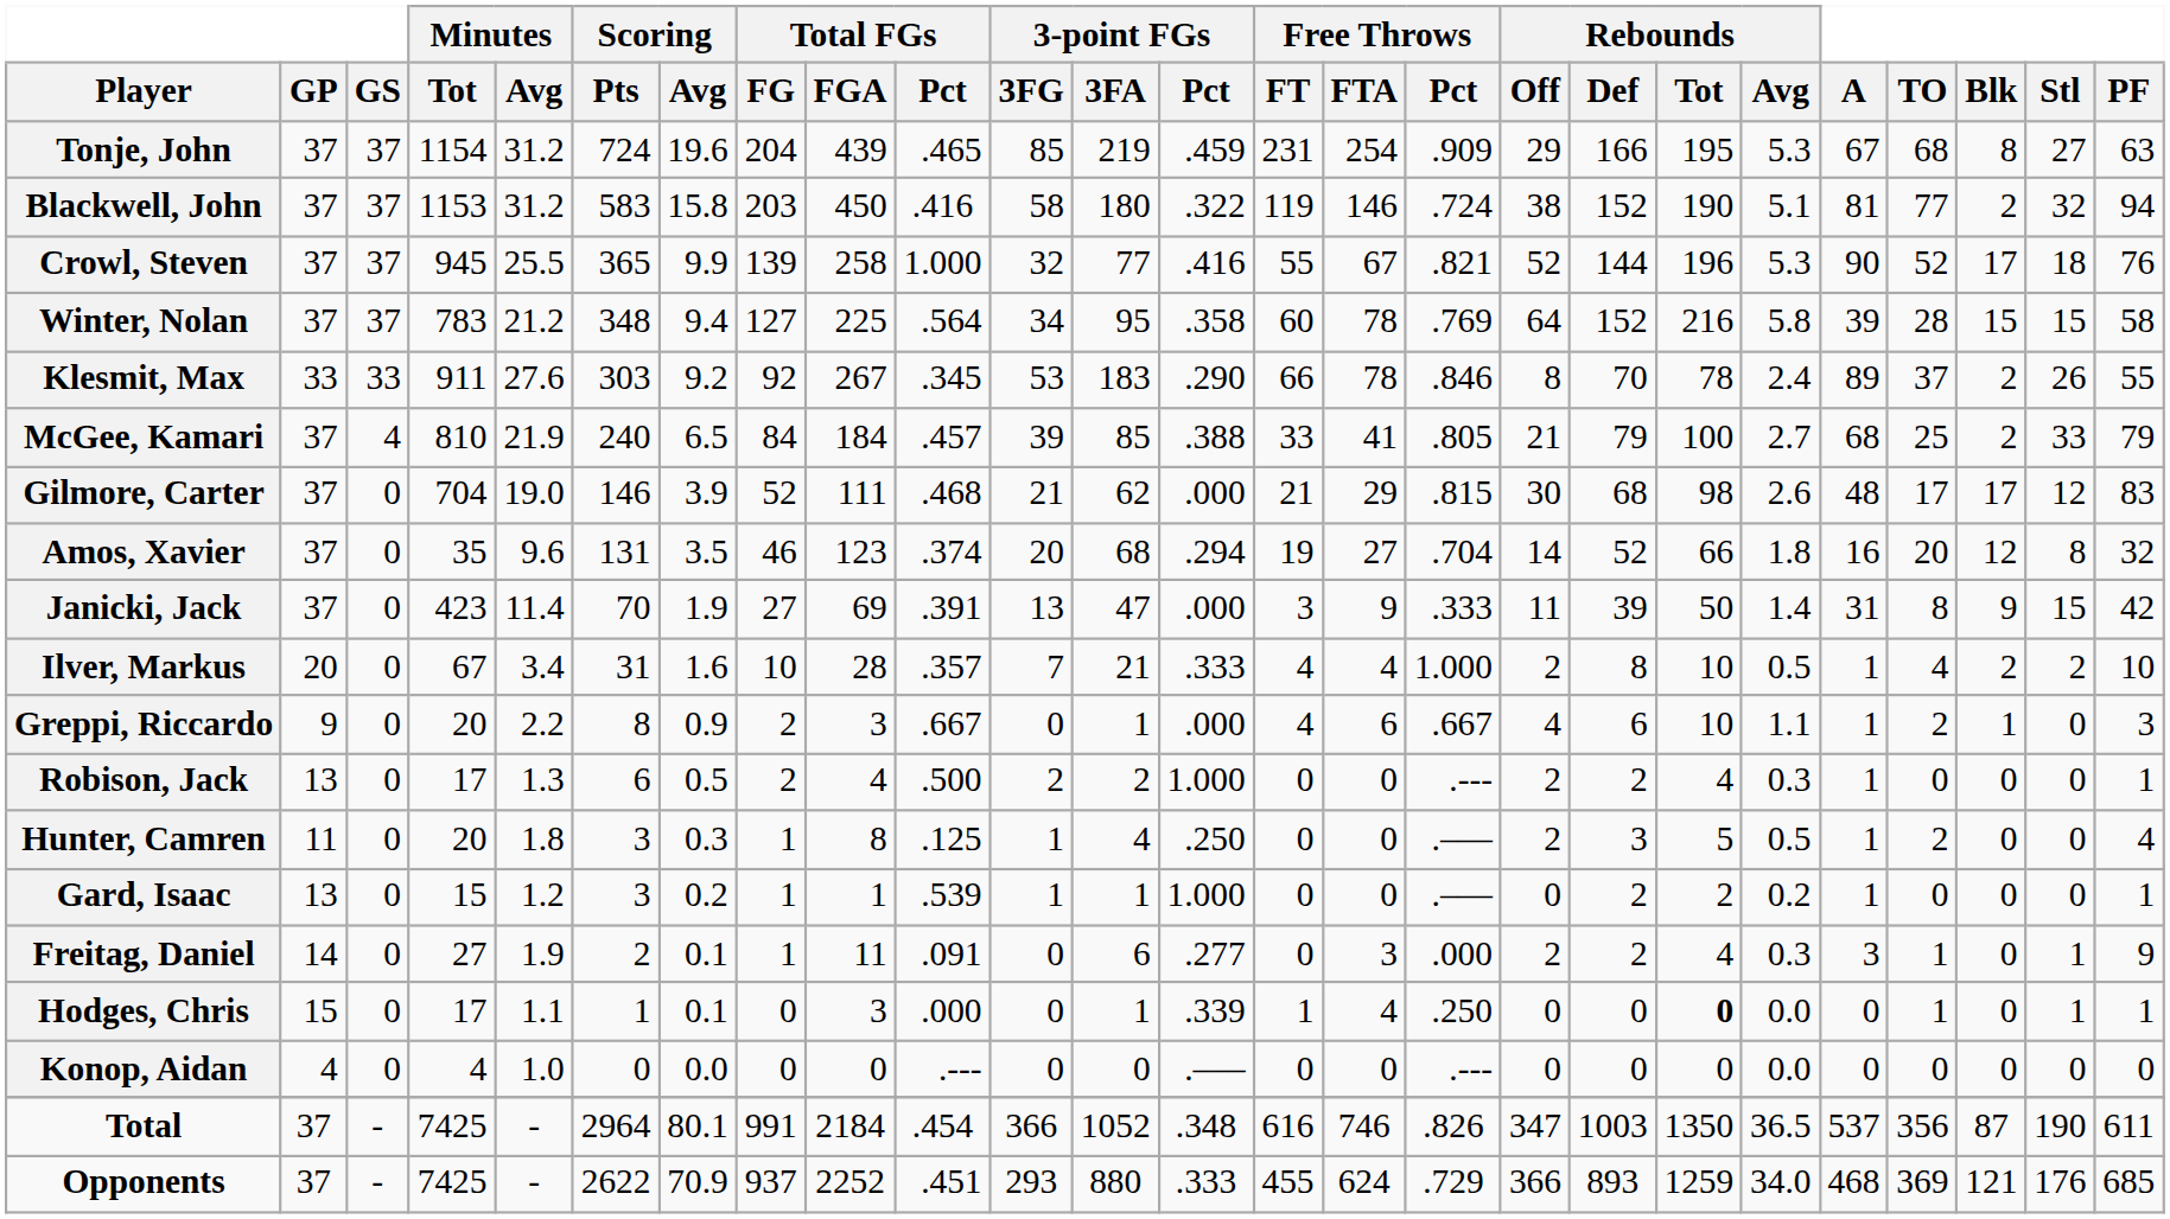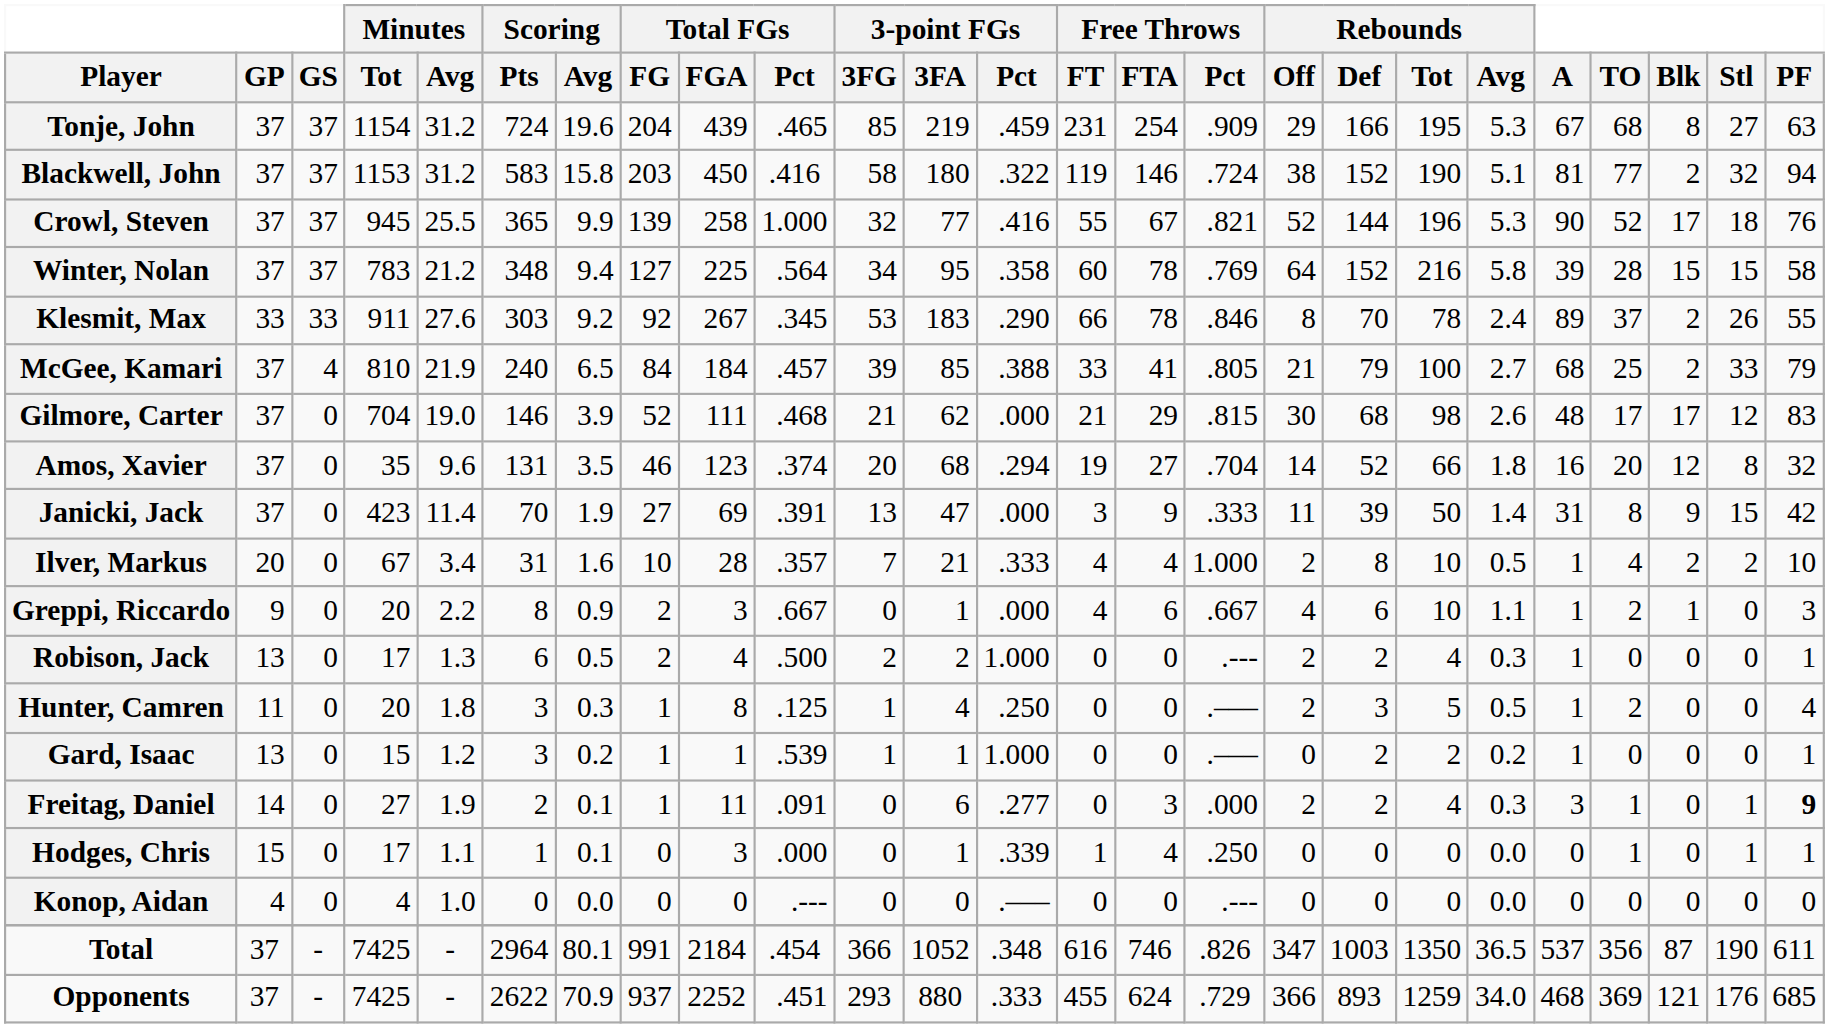 <table class="wikitable sortable" border="1" style="font-size:85%;">
 <tr>
 <th colspan="3" style="border-top-style:hidden; border-left-style:hidden; background: white;"></th>
 <th colspan="2" style=>Minutes</th>
 <th colspan="2" style=>Scoring</th>
 <th colspan="3" style=>Total FGs</th>
 <th colspan="3" style=>3-point FGs</th>
 <th colspan="3" style=>Free Throws</th>
 <th colspan="4" style=>Rebounds</th>
 <th colspan="5" style="border-top-style:hidden; border-right-style:hidden; background: white;"></th>
 </tr>
 <tr>
 <th scope="col" style=>Player</th>
 <th scope="col" style=>GP</th>
 <th scope="col" style=>GS</th>
 <th scope="col" style=>Tot</th>
 <th scope="col" style=>Avg</th>
 <th scope="col" style=>Pts</th>
 <th scope="col" style=>Avg</th>
 <th scope="col" style=>FG</th>
 <th scope="col" style=>FGA</th>
 <th scope="col" style=>Pct</th>
 <th scope="col" style=>3FG</th>
 <th scope="col" style=>3FA</th>
 <th scope="col" style=>Pct</th>
 <th scope="col" style=>FT</th>
 <th scope="col" style=>FTA</th>
 <th scope="col" style=>Pct</th>
 <th scope="col" style=>Off</th>
 <th scope="col" style=>Def</th>
 <th scope="col" style=>Tot</th>
 <th scope="col" style=>Avg</th>
 <th scope="col" style=>A</th>
 <th scope="col" style=>TO</th>
 <th scope="col" style=>Blk</th>
 <th scope="col" style=>Stl</th>
 <th scope="col" style=>PF</th>
 </tr>
 <tr>
 <th style=white-space:nowrap>Tonje, John</th>
 <td align="right" style=>37</td>
 <td align="right" style=>37</td>
 <td align="right" style=>1154</td>
 <td align="right" style=>31.2</td>
 <td align="right" style=>724</td>
 <td align="right" style=>19.6</td>
 <td align="right" style=>204</td>
 <td align="right">439</td>
 <td align="right">.465</td>
 <td align="right" style=>85</td>
 <td align="right" style=>219</td>
 <td align="right" style=>.459</td>
 <td align="right" style=>231</td>
 <td align="right" style=>254</td>
 <td align="right" style=>.909</td>
 <td align="right">29</td>
 <td align="right" style=>166</td>
 <td align="right">195</td>
 <td align="right">5.3</td>
 <td align="right">67</td>
 <td align="right">68</td>
 <td align="right">8</td>
 <td align="right">27</td>
 <td align="right">63</td>
 </tr>
 <tr>
 <th style=white-space:nowrap>Blackwell, John</th>
 <td align="right" style=>37</td>
 <td align="right" style=>37</td>
 <td align="right">1153</td>
 <td align="right" style=>31.2</td>
 <td align="right">583</td>
 <td align="right">15.8</td>
 <td align="right">203</td>
 <td align="right" style=>450</td>
 <td align="center">.416</td>
 <td align="right">58</td>
 <td align="right">180</td>
 <td align="right">.322</td>
 <td align="right">119</td>
 <td align="right">146</td>
 <td align="right">.724</td>
 <td align="right">38</td>
 <td align="right">152</td>
 <td align="right">190</td>
 <td align="right">5.1</td>
 <td align="right">81</td>
 <td align="right" style=>77</td>
 <td align="right">2</td>
 <td align="right">32</td>
 <td align="right" style=>94</td>
 </tr>
 <tr>
 <th style=white-space:nowrap>Crowl, Steven</th>
 <td align="right" style=>37</td>
 <td align="right" style=>37</td>
 <td align="right">945</td>
 <td align="right">25.5</td>
 <td align="right">365</td>
 <td align="right">9.9</td>
 <td align="right">139</td>
 <td align="right">258</td>
 <td align="right">1.000</td>
 <td align="right">32</td>
 <td align="right">77</td>
 <td align="right">.416</td>
 <td align="right">55</td>
 <td align="right">67</td>
 <td align="right">.821</td>
 <td align="right">52</td>
 <td align="right">144</td>
 <td align="right">196</td>
 <td align="right">5.3</td>
 <td align="right" style=>90</td>
 <td align="right">52</td>
 <td align="right" style=>17</td>
 <td align="right">18</td>
 <td align="right">76</td>
 </tr>
 <tr>
 <th style=white-space:nowrap>Winter, Nolan</th>
 <td align="right" style=>37</td>
 <td align="right" style=>37</td>
 <td align="right">783</td>
 <td align="right">21.2</td>
 <td align="right">348</td>
 <td align="right">9.4</td>
 <td align="right">127</td>
 <td align="right">225</td>
 <td align="right" style=>.564</td>
 <td align="right">34</td>
 <td align="right">95</td>
 <td align="right">.358</td>
 <td align="right">60</td>
 <td align="right">78</td>
 <td align="right">.769</td>
 <td align="right" style=>64</td>
 <td align="right">152</td>
 <td align="right" style=>216</td>
 <td align="right" style=>5.8</td>
 <td align="right">39</td>
 <td align="right">28</td>
 <td align="right">15</td>
 <td align="right">15</td>
 <td align="right">58</td>
 </tr>
 <tr>
 <th style=white-space:nowrap>Klesmit, Max</th>
 <td align="right">33</td>
 <td align="right">33</td>
 <td align="right">911</td>
 <td align="right">27.6</td>
 <td align="right">303</td>
 <td align="right">9.2</td>
 <td align="right">92</td>
 <td align="right">267</td>
 <td align="right">.345</td>
 <td align="right">53</td>
 <td align="right">183</td>
 <td align="right">.290</td>
 <td align="right">66</td>
 <td align="right">78</td>
 <td align="right">.846</td>
 <td align="right">8</td>
 <td align="right">70</td>
 <td align="right">78</td>
 <td align="right">2.4</td>
 <td align="right">89</td>
 <td align="right">37</td>
 <td align="right">2</td>
 <td align="right">26</td>
 <td align="right">55</td>
 </tr>
 <tr>
 <th style=white-space:nowrap>McGee, Kamari</th>
 <td align="right" style=>37</td>
 <td align="right">4</td>
 <td align="right">810</td>
 <td align="right">21.9</td>
 <td align="right">240</td>
 <td align="right">6.5</td>
 <td align="right">84</td>
 <td align="right">184</td>
 <td align="right">.457</td>
 <td align="right">39</td>
 <td align="right">85</td>
 <td align="right">.388</td>
 <td align="right">33</td>
 <td align="right">41</td>
 <td align="right">.805</td>
 <td align="right">21</td>
 <td align="right">79</td>
 <td align="right">100</td>
 <td align="right">2.7</td>
 <td align="right">68</td>
 <td align="right">25</td>
 <td align="right">2</td>
 <td align="right" style=>33</td>
 <td align="right">79</td>
 </tr>
 <tr>
 <th style=white-space:nowrap>Gilmore, Carter</th>
 <td align="right" style=>37</td>
 <td align="right">0</td>
 <td align="right">704</td>
 <td align="right">19.0</td>
 <td align="right">146</td>
 <td align="right">3.9</td>
 <td align="right">52</td>
 <td align="right">111</td>
 <td align="right">.468</td>
 <td align="right">21</td>
 <td align="right">62</td>
 <td align="right">.000</td>
 <td align="right">21</td>
 <td align="right">29</td>
 <td align="right">.815</td>
 <td align="right">30</td>
 <td align="right">68</td>
 <td align="right">98</td>
 <td align="right">2.6</td>
 <td align="right">48</td>
 <td align="right">17</td>
 <td align="right" style=>17</td>
 <td align="right">12</td>
 <td align="right">83</td>
 </tr>
 <tr>
 <th style=white-space:nowrap>Amos, Xavier</th>
 <td align="right" style=>37</td>
 <td align="right">0</td>
 <td align="right">35</td>
 <td align="right">9.6</td>
 <td align="right">131</td>
 <td align="right">3.5</td>
 <td align="right">46</td>
 <td align="right">123</td>
 <td align="right">.374</td>
 <td align="right">20</td>
 <td align="right">68</td>
 <td align="right">.294</td>
 <td align="right">19</td>
 <td align="right">27</td>
 <td align="right">.704</td>
 <td align="right">14</td>
 <td align="right">52</td>
 <td align="right">66</td>
 <td align="right">1.8</td>
 <td align="right">16</td>
 <td align="right">20</td>
 <td align="right">12</td>
 <td align="right">8</td>
 <td align="right">32</td>
 </tr>
 <tr>
 <th style=white-space:nowrap>Janicki, Jack</th>
 <td align="right" style=>37</td>
 <td align="right">0</td>
 <td align="right">423</td>
 <td align="right">11.4</td>
 <td align="right">70</td>
 <td align="right">1.9</td>
 <td align="right">27</td>
 <td align="right">69</td>
 <td align="right">.391</td>
 <td align="right">13</td>
 <td align="right">47</td>
 <td align="right">.000</td>
 <td align="right">3</td>
 <td align="right">9</td>
 <td align="right">.333</td>
 <td align="right">11</td>
 <td align="right">39</td>
 <td align="right">50</td>
 <td align="right">1.4</td>
 <td align="right">31</td>
 <td align="right">8</td>
 <td align="right">9</td>
 <td align="right">15</td>
 <td align="right">42</td>
 </tr>
 <tr>
 <th style=white-space:nowrap>Ilver, Markus</th>
 <td align="right">20</td>
 <td align="right">0</td>
 <td align="right">67</td>
 <td align="right">3.4</td>
 <td align="right">31</td>
 <td align="right">1.6</td>
 <td align="right">10</td>
 <td align="right">28</td>
 <td align="right">.357</td>
 <td align="right">7</td>
 <td align="right">21</td>
 <td align="right">.333</td>
 <td align="right">4</td>
 <td align="right">4</td>
 <td align="right">1.000</td>
 <td align="right">2</td>
 <td align="right">8</td>
 <td align="right">10</td>
 <td align="right">0.5</td>
 <td align="right">1</td>
 <td align="right">4</td>
 <td align="right">2</td>
 <td align="right">2</td>
 <td align="right">10</td>
 </tr>
 <tr>
 <th style=white-space:nowrap>Greppi, Riccardo</th>
 <td align="right">9</td>
 <td align="right">0</td>
 <td align="right">20</td>
 <td align="right">2.2</td>
 <td align="right">8</td>
 <td align="right">0.9</td>
 <td align="right">2</td>
 <td align="right">3</td>
 <td align="right">.667</td>
 <td align="right">0</td>
 <td align="right">1</td>
 <td align="right">.000</td>
 <td align="right">4</td>
 <td align="right">6</td>
 <td align="right">.667</td>
 <td align="right">4</td>
 <td align="right">6</td>
 <td align="right">10</td>
 <td align="right">1.1</td>
 <td align="right">1</td>
 <td align="right">2</td>
 <td align="right">1</td>
 <td align="right">0</td>
 <td align="right">3</td>
 </tr>
 <tr>
 <th style=white-space:nowrap>Robison, Jack</th>
 <td align="right">13</td>
 <td align="right">0</td>
 <td align="right">17</td>
 <td align="right">1.3</td>
 <td align="right">6</td>
 <td align="right">0.5</td>
 <td align="right">2</td>
 <td align="right">4</td>
 <td align="right">.500</td>
 <td align="right">2</td>
 <td align="right">2</td>
 <td align="right">1.000</td>
 <td align="right">0</td>
 <td align="right">0</td>
 <td align="right">.---</td>
 <td align="right">2</td>
 <td align="right">2</td>
 <td align="right">4</td>
 <td align="right">0.3</td>
 <td align="right">1</td>
 <td align="right">0</td>
 <td align="right">0</td>
 <td align="right">0</td>
 <td align="right">1</td>
 </tr>
 <tr>
 <th style=white-space:nowrap>Hunter, Camren</th>
 <td align="right">11</td>
 <td align="right">0</td>
 <td align="right">20</td>
 <td align="right">1.8</td>
 <td align="right">3</td>
 <td align="right">0.3</td>
 <td align="right">1</td>
 <td align="right">8</td>
 <td align="right">.125</td>
 <td align="right">1</td>
 <td align="right">4</td>
 <td align="right">.250</td>
 <td align="right">0</td>
 <td align="right">0</td>
 <td align="right">.–––</td>
 <td align="right">2</td>
 <td align="right">3</td>
 <td align="right">5</td>
 <td align="right">0.5</td>
 <td align="right">1</td>
 <td align="right">2</td>
 <td align="right">0</td>
 <td align="right">0</td>
 <td align="right">4</td>
 </tr>
 <tr>
 <th style=white-space:nowrap>Gard, Isaac</th>
 <td align="right">13</td>
 <td align="right">0</td>
 <td align="right">15</td>
 <td align="right">1.2</td>
 <td align="right">3</td>
 <td align="right">0.2</td>
 <td align="right">1</td>
 <td align="right">1</td>
 <td align="right">.539</td>
 <td align="right">1</td>
 <td align="right">1</td>
 <td align="right">1.000</td>
 <td align="right">0</td>
 <td align="right">0</td>
 <td align="right">.–––</td>
 <td align="right">0</td>
 <td align="right">2</td>
 <td align="right">2</td>
 <td align="right">0.2</td>
 <td align="right">1</td>
 <td align="right">0</td>
 <td align="right">0</td>
 <td align="right">0</td>
 <td align="right">1</td>
 </tr>
 <tr>
 <th style=white-space:nowrap>Freitag, Daniel</th>
 <td align="right">14</td>
 <td align="right">0</td>
 <td align="right">27</td>
 <td align="right">1.9</td>
 <td align="right">2</td>
 <td align="right">0.1</td>
 <td align="right">1</td>
 <td align="right">11</td>
 <td align="right">.091</td>
 <td align="right">0</td>
 <td align="right">6</td>
 <td align="right">.277</td>
 <td align="right">0</td>
 <td align="right">3</td>
 <td align="right">.000</td>
 <td align="right">2</td>
 <td align="right">2</td>
 <td align="right">4</td>
 <td align="right">0.3</td>
 <td align="right">3</td>
 <td align="right">1</td>
 <td align="right">0</td>
 <td align="right">1</td>
-<td align="right">9</td>
+<td align="right"><strong>9</strong></td>
 </tr>
 <tr>
 <th style=white-space:nowrap>Hodges, Chris</th>
 <td align="right">15</td>
 <td align="right">0</td>
 <td align="right">17</td>
 <td align="right">1.1</td>
 <td align="right">1</td>
 <td align="right">0.1</td>
 <td align="right">0</td>
 <td align="right">3</td>
 <td align="right">.000</td>
 <td align="right">0</td>
 <td align="right">1</td>
 <td align="right">.339</td>
 <td align="right">1</td>
 <td align="right">4</td>
 <td align="right">.250</td>
 <td align="right">0</td>
 <td align="right">0</td>
-<td align="right"><strong>0</strong></td>
+<td align="right">0</td>
 <td align="right">0.0</td>
 <td align="right">0</td>
 <td align="right">1</td>
 <td align="right">0</td>
 <td align="right">1</td>
 <td align="right">1</td>
 </tr>
 <tr>
 <th style=white-space:nowrap>Konop, Aidan</th>
 <td align="right">4</td>
 <td align="right">0</td>
 <td align="right">4</td>
 <td align="right">1.0</td>
 <td align="right">0</td>
 <td align="right">0.0</td>
 <td align="right">0</td>
 <td align="right">0</td>
 <td align="right">.---</td>
 <td align="right">0</td>
 <td align="right">0</td>
 <td align="right">.–––</td>
 <td align="right">0</td>
 <td align="right">0</td>
 <td align="right">.---</td>
 <td align="right">0</td>
 <td align="right">0</td>
 <td align="right">0</td>
 <td align="right">0.0</td>
 <td align="right">0</td>
 <td align="right">0</td>
 <td align="right">0</td>
 <td align="right">0</td>
 <td align="right">0</td>
 </tr>
 <tr>
 </tr>
 <tr class="sortbottom">
 <td align="center" style=><strong>Total</strong></td>
 <td align="center" style=>37</td>
 <td align="center" style=>-</td>
 <td align="center" style=>7425</td>
 <td align="center" style=>-</td>
 <td align="center" style=>2964</td>
 <td align="center" style=>80.1</td>
 <td align="center" style=>991</td>
 <td align="center" style=>2184</td>
 <td align="center" style=>.454</td>
 <td align="center" style=>366</td>
 <td align="center" style=>1052</td>
 <td align="center" style=>.348</td>
 <td align="center" style=>616</td>
 <td align="center" style=>746</td>
 <td align="center" style=>.826</td>
 <td align="center" style=>347</td>
 <td align="center" style=>1003</td>
 <td align="center" style=>1350</td>
 <td align="center" style=>36.5</td>
 <td align="center" style=>537</td>
 <td align="center" style=>356</td>
 <td align="center" style=>87</td>
 <td align="center" style=>190</td>
 <td align="center" style=>611</td>
 </tr>
 <tr class="sortbottom">
 <td align="center"><strong>Opponents</strong></td>
 <td align="center">37</td>
 <td align="center">-</td>
 <td align="center">7425</td>
 <td align="center">-</td>
 <td align="center">2622</td>
 <td align="center">70.9</td>
 <td align="center">937</td>
 <td align="center">2252</td>
 <td align="right">.451</td>
 <td align="center">293</td>
 <td align="center">880</td>
 <td align="center">.333</td>
 <td align="center">455</td>
 <td align="center">624</td>
 <td align="center">.729</td>
 <td align="center">366</td>
 <td align="center">893</td>
 <td align="center">1259</td>
 <td align="center">34.0</td>
 <td align="center">468</td>
 <td align="center">369</td>
 <td align="center">121</td>
 <td align="center">176</td>
 <td align="center">685</td>
 </tr>
 </table>
